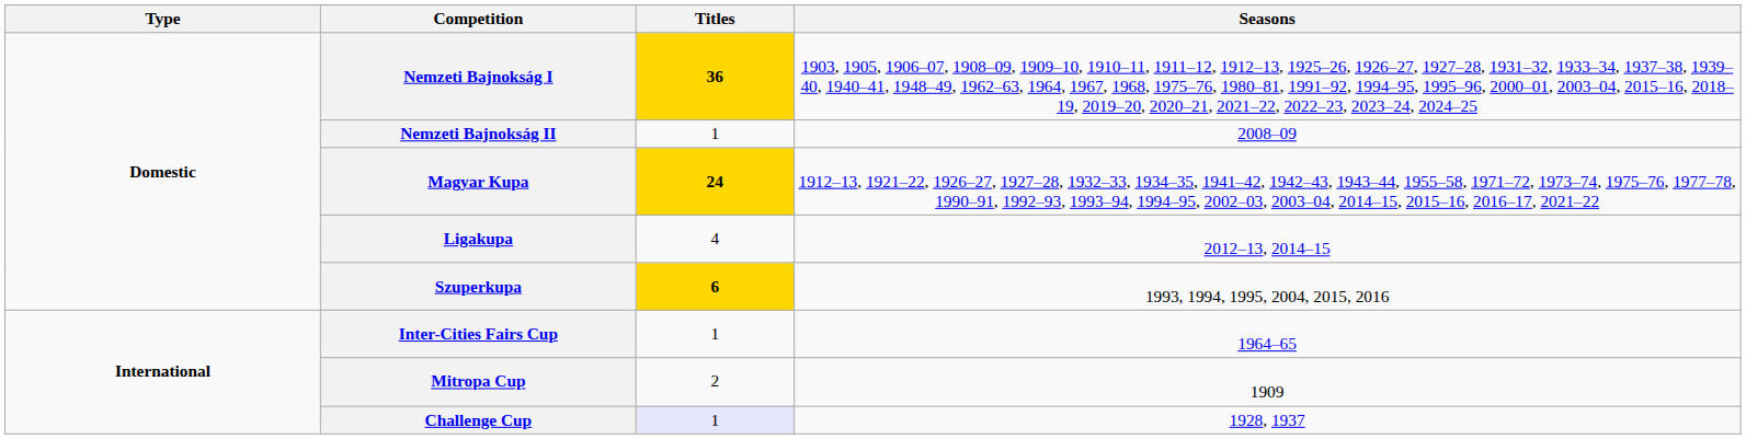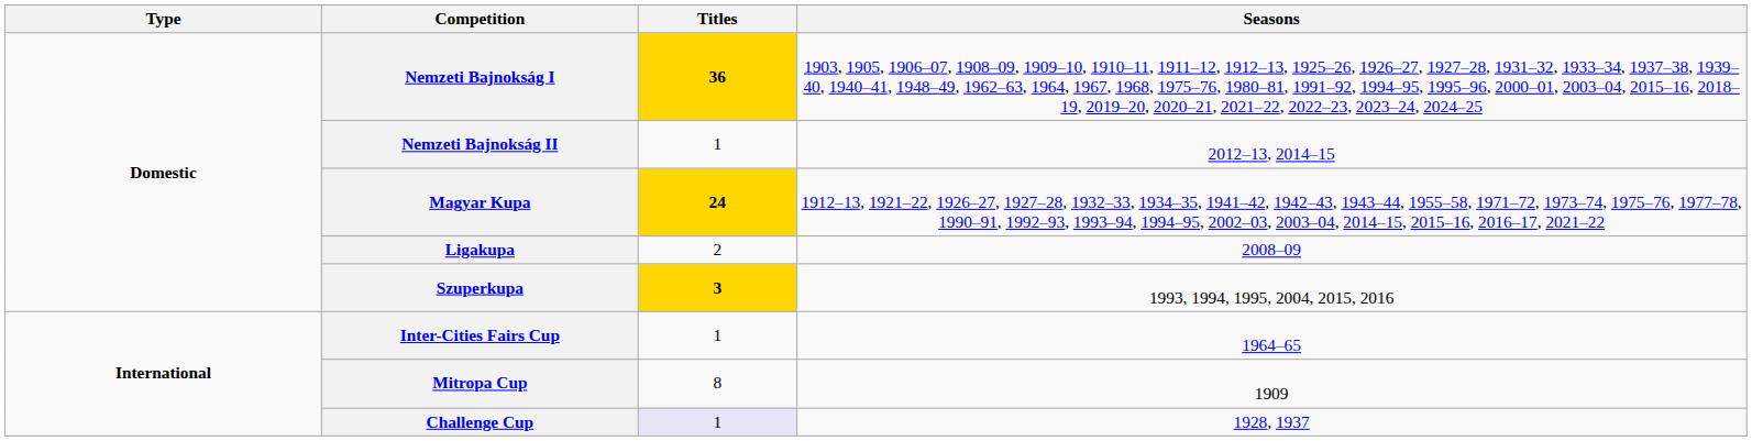 <table class="wikitable plainrowheaders" style="font-size:95%; text-align:center;">
 <tr>
 <th style="width: 10%;">Type</th>
 <th style="width: 10%;">Competition</th>
 <th style="width: 5%;">Titles</th>
 <th style="width: 30%;">Seasons</th>
 </tr>
 <tr>
 <td rowspan="5"><strong>Domestic</strong></td>
 <th scope=col><a href='#'>Nemzeti Bajnokság I</a></th>
 <td scope=col style="background-color: gold"><strong>36</strong></td>
 <td><br><a href='#'>1903</a>,  <a href='#'>1905</a>,  <a href='#'>1906–07</a>,  <a href='#'>1908–09</a>,  <a href='#'>1909–10</a>,  <a href='#'>1910–11</a>,  <a href='#'>1911–12</a>,  <a href='#'>1912–13</a>,  <a href='#'>1925–26</a>,  <a href='#'>1926–27</a>,  <a href='#'>1927–28</a>,  <a href='#'>1931–32</a>,  <a href='#'>1933–34</a>,  <a href='#'>1937–38</a>,  <a href='#'>1939–40</a>,  <a href='#'>1940–41</a>,  <a href='#'>1948–49</a>,  <a href='#'>1962–63</a>,  <a href='#'>1964</a>,  <a href='#'>1967</a>,  <a href='#'>1968</a>,  <a href='#'>1975–76</a>,  <a href='#'>1980–81</a>,  <a href='#'>1991–92</a>,  <a href='#'>1994–95</a>,  <a href='#'>1995–96</a>,  <a href='#'>2000–01</a>,  <a href='#'>2003–04</a>,  <a href='#'>2015–16</a>,  <a href='#'>2018–19</a>,  <a href='#'>2019–20</a>,  <a href='#'>2020–21</a>,  <a href='#'>2021–22</a>,  <a href='#'>2022–23</a>,  <a href='#'>2023–24</a>, <a href='#'>2024–25</a></td>
 </tr>
 <tr>
 <th scope="col"><a href='#'>Nemzeti Bajnokság II</a></th>
 <td>1</td>
-<td><a href='#'>2008–09</a></td>
+<td><br><a href='#'>2012–13</a>, <a href='#'>2014–15</a></td>
 </tr>
 <tr>
 <th scope=col><a href='#'>Magyar Kupa</a></th>
 <td scope=col style="background-color: gold"><strong>24</strong></td>
 <td><br><a href='#'>1912–13</a>,  <a href='#'>1921–22</a>,  <a href='#'>1926–27</a>,  <a href='#'>1927–28</a>,  <a href='#'>1932–33</a>,  <a href='#'>1934–35</a>,  <a href='#'>1941–42</a>,  <a href='#'>1942–43</a>,  <a href='#'>1943–44</a>,  <a href='#'>1955–58</a>,  <a href='#'>1971–72</a>,  <a href='#'>1973–74</a>,  <a href='#'>1975–76</a>,  <a href='#'>1977–78</a>,  <a href='#'>1990–91</a>,  <a href='#'>1992–93</a>,  <a href='#'>1993–94</a>,  <a href='#'>1994–95</a>,  <a href='#'>2002–03</a>,  <a href='#'>2003–04</a>,  <a href='#'>2014–15</a>,  <a href='#'>2015–16</a>,  <a href='#'>2016–17</a>,  <a href='#'>2021–22</a></td>
 </tr>
 <tr>
 <th scope="col"><a href='#'>Ligakupa</a></th>
-<td>4</td>
-<td><br><a href='#'>2012–13</a>, <a href='#'>2014–15</a></td>
+<td>2</td>
+<td><a href='#'>2008–09</a></td>
 </tr>
 <tr>
 <th scope=col><a href='#'>Szuperkupa</a></th>
-<td scope=col style="background-color: gold"><strong>6</strong></td>
+<td scope=col style="background-color: gold"><strong>3</strong></td>
 <td><br>1993,  1994,  1995,  2004,  2015,  2016</td>
 </tr>
 <tr>
 <td rowspan="3"><strong>International</strong></td>
 <th scope=col><a href='#'>Inter-Cities Fairs Cup</a></th>
 <td>1</td>
 <td><br><a href='#'>1964–65</a></td>
 </tr>
 <tr>
 <th scope=col><a href='#'>Mitropa Cup</a></th>
-<td>2</td>
+<td>8</td>
 <td><br>1909</td>
 </tr>
 <tr>
 <th scope=col><a href='#'>Challenge Cup</a></th>
 <td style="background: lavender;">1</td>
 <td><a href='#'>1928</a>, <a href='#'>1937</a></td>
 </tr>
 </table>
